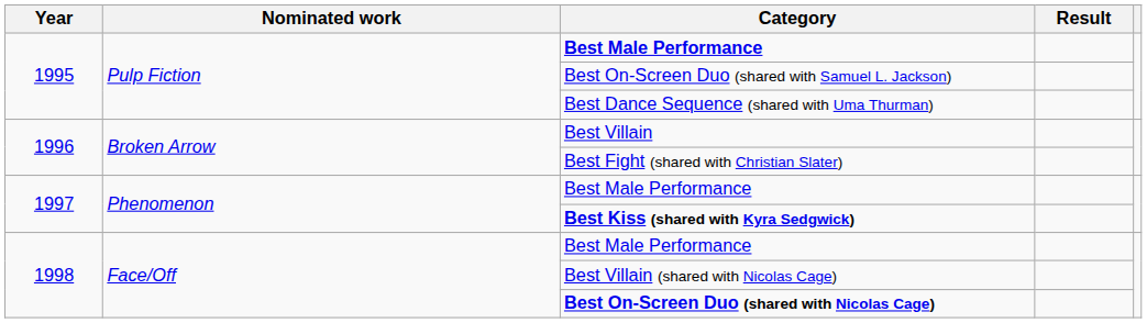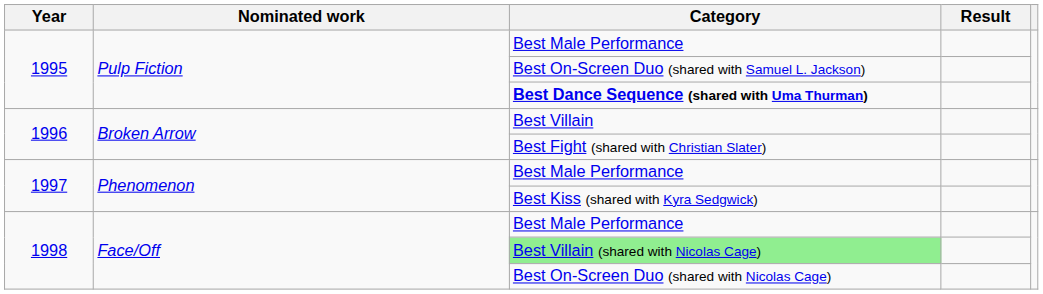 <table class=wikitable>
 <tr>
 <th scope="col" style="width:5em;">Year</th>
 <th scope="col" style="width:25em;">Nominated work</th>
 <th scope="col" style="width:26em;">Category</th>
 <th scope="col" style="width:5em;">Result</th>
 <th></th>
 </tr>
 <tr>
 <td align="center" rowspan="3"><a href='#'>1995</a></td>
 <td rowspan="3"><em><a href='#'>Pulp Fiction</a></em></td>
-<td><strong><a href='#'>Best Male Performance</a></strong></td>
+<td><a href='#'>Best Male Performance</a></td>
 <td></td>
 <td align="center" rowspan="3"></td>
 </tr>
 <tr>
 <td><a href='#'>Best On-Screen Duo</a> <small>(shared with <a href='#'>Samuel L. Jackson</a>)</small></td>
 <td></td>
 </tr>
 <tr>
-<td><a href='#'>Best Dance Sequence</a> <small>(shared with <a href='#'>Uma Thurman</a>)</small></td>
+<td><strong><a href='#'>Best Dance Sequence</a> <small>(shared with <a href='#'>Uma Thurman</a>)</small></strong></td>
 <td></td>
 </tr>
 <tr>
 <td align="center" rowspan="2"><a href='#'>1996</a></td>
 <td rowspan="2"><em><a href='#'>Broken Arrow</a></em></td>
 <td><a href='#'>Best Villain</a></td>
 <td></td>
 <td align="center" rowspan="2"></td>
 </tr>
 <tr>
 <td><a href='#'>Best Fight</a> <small>(shared with <a href='#'>Christian Slater</a>)</small></td>
 <td></td>
 </tr>
 <tr>
 <td align="center" rowspan="2"><a href='#'>1997</a></td>
 <td rowspan="2"><em><a href='#'>Phenomenon</a></em></td>
 <td><a href='#'>Best Male Performance</a></td>
 <td></td>
 <td align="center" rowspan="2"></td>
 </tr>
 <tr>
-<td><strong><a href='#'>Best Kiss</a> <small>(shared with <a href='#'>Kyra Sedgwick</a>)</small></strong></td>
+<td><a href='#'>Best Kiss</a> <small>(shared with <a href='#'>Kyra Sedgwick</a>)</small></td>
 <td></td>
 </tr>
 <tr>
 <td align="center" rowspan="3"><a href='#'>1998</a></td>
 <td rowspan="3"><em><a href='#'>Face/Off</a></em></td>
 <td><a href='#'>Best Male Performance</a></td>
 <td></td>
 <td align="center" rowspan="3"></td>
 </tr>
 <tr>
-<td><a href='#'>Best Villain</a> <small>(shared with <a href='#'>Nicolas Cage</a>)</small></td>
+<td style="background: lightgreen;"><a href='#'>Best Villain</a> <small>(shared with <a href='#'>Nicolas Cage</a>)</small></td>
 <td></td>
 </tr>
 <tr>
-<td><strong><a href='#'>Best On-Screen Duo</a> <small>(shared with <a href='#'>Nicolas Cage</a>)</small></strong></td>
+<td><a href='#'>Best On-Screen Duo</a> <small>(shared with <a href='#'>Nicolas Cage</a>)</small></td>
 <td></td>
 </tr>
 </table>
